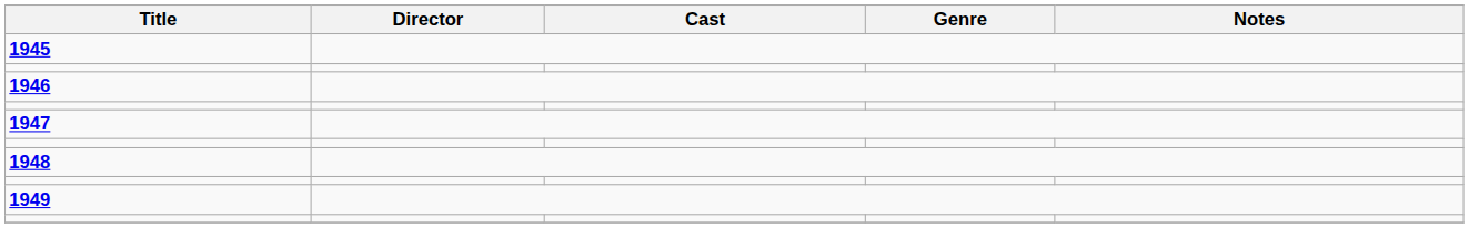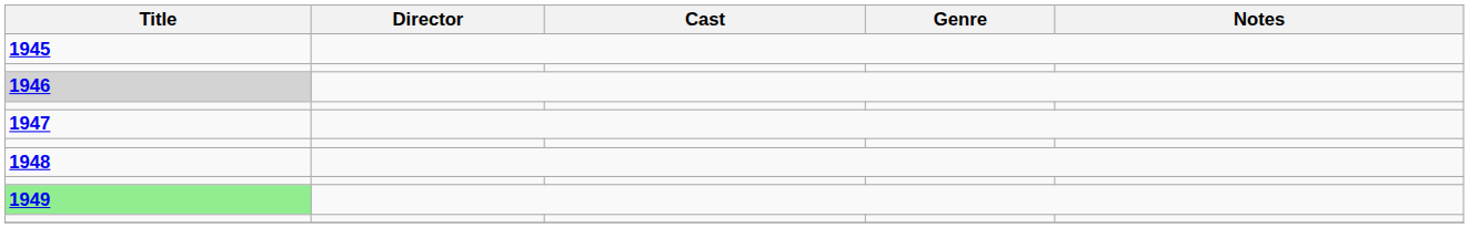 <table class="wikitable" width= "100%">
 <tr>
 <th width=21%>Title</th>
 <th width=16%>Director</th>
 <th width=22%>Cast</th>
 <th width=13%>Genre</th>
 <th width=28%>Notes</th>
 </tr>
 <tr>
 <td><strong><a href='#'>1945</a></strong></td>
 </tr>
 <tr>
 <td></td>
 <td></td>
 <td></td>
 <td></td>
 <td></td>
 </tr>
 <tr>
-<td><strong><a href='#'>1946</a></strong></td>
+<td style="background: lightgrey;"><strong><a href='#'>1946</a></strong></td>
 </tr>
 <tr>
 <td></td>
 <td></td>
 <td></td>
 <td></td>
 <td></td>
 </tr>
 <tr>
 <td><strong><a href='#'>1947</a></strong></td>
 </tr>
 <tr>
 <td></td>
 <td></td>
 <td></td>
 <td></td>
 <td></td>
 </tr>
 <tr>
 <td><strong><a href='#'>1948</a></strong></td>
 </tr>
 <tr>
 <td></td>
 <td></td>
 <td></td>
 <td></td>
 <td></td>
 </tr>
 <tr>
-<td><strong><a href='#'>1949</a></strong></td>
+<td style="background: lightgreen;"><strong><a href='#'>1949</a></strong></td>
 </tr>
 <tr>
 <td></td>
 <td></td>
 <td></td>
 <td></td>
 <td></td>
 </tr>
 <tr>
 </tr>
 </table>
